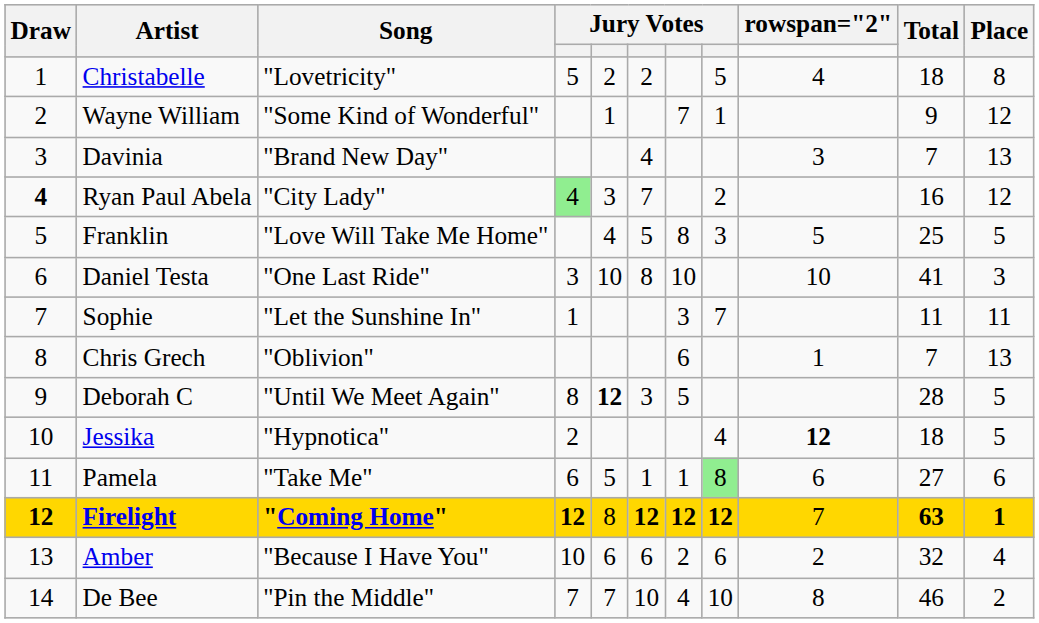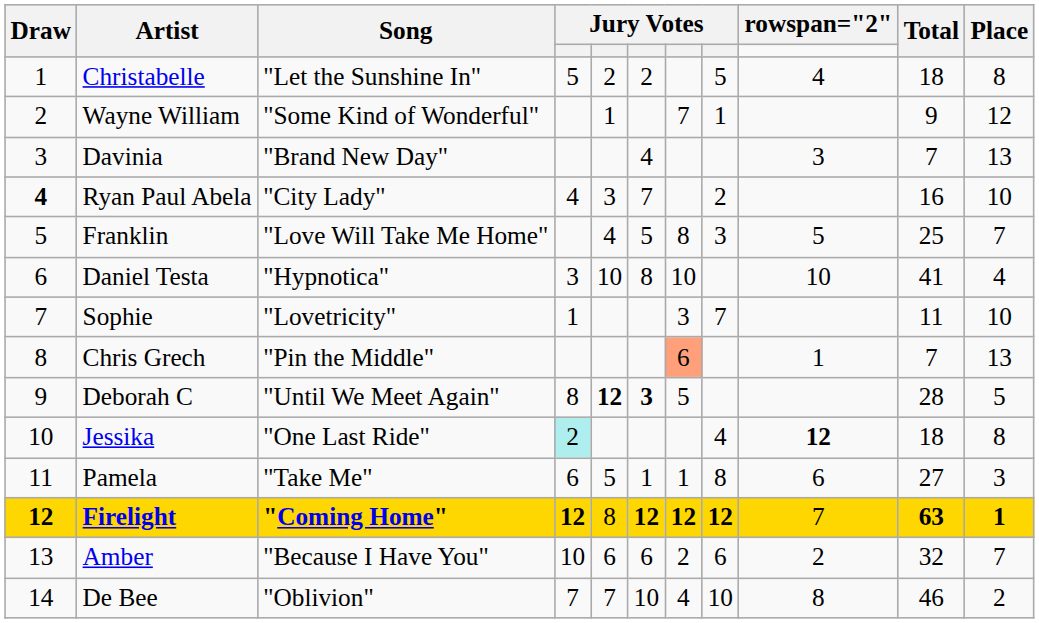 <table class="sortable wikitable" style="margin: 1em auto 1em auto; text-align:center">
 <tr>
 <th rowspan="2">Draw</th>
 <th rowspan="2">Artist</th>
 <th rowspan="2">Song</th>
 <th colspan="5">Jury Votes</th>
 <th>rowspan="2" </th>
 <th rowspan="2">Total</th>
 <th rowspan="2">Place</th>
 </tr>
 <tr>
 <th></th>
 <th></th>
 <th></th>
 <th></th>
 <th></th>
 </tr>
 <tr>
 <td>1</td>
 <td align="left"><a href='#'>Christabelle</a></td>
-<td align="left">"Lovetricity"</td>
+<td align="left">"Let the Sunshine In"</td>
 <td>5</td>
 <td>2</td>
 <td>2</td>
 <td></td>
 <td>5</td>
 <td>4</td>
 <td>18</td>
 <td>8</td>
 </tr>
 <tr>
 <td>2</td>
 <td align="left">Wayne William</td>
 <td align="left">"Some Kind of Wonderful"</td>
 <td></td>
 <td>1</td>
 <td></td>
 <td>7</td>
 <td>1</td>
 <td></td>
 <td>9</td>
 <td>12</td>
 </tr>
 <tr>
 <td>3</td>
 <td align="left">Davinia</td>
 <td align="left">"Brand New Day"</td>
 <td></td>
 <td></td>
 <td>4</td>
 <td></td>
 <td></td>
 <td>3</td>
 <td>7</td>
 <td>13</td>
 </tr>
 <tr>
 <td><strong>4</strong></td>
 <td align="left">Ryan Paul Abela</td>
 <td align="left">"City Lady"</td>
-<td style="background: lightgreen;">4</td>
+<td>4</td>
 <td>3</td>
 <td>7</td>
 <td></td>
 <td>2</td>
 <td></td>
 <td>16</td>
-<td>12</td>
+<td>10</td>
 </tr>
 <tr>
 <td>5</td>
 <td align="left">Franklin</td>
 <td align="left">"Love Will Take Me Home"</td>
 <td></td>
 <td>4</td>
 <td>5</td>
 <td>8</td>
 <td>3</td>
 <td>5</td>
 <td>25</td>
-<td>5</td>
+<td>7</td>
 </tr>
 <tr>
 <td>6</td>
 <td align="left">Daniel Testa</td>
-<td align="left">"One Last Ride"</td>
+<td align="left">"Hypnotica"</td>
 <td>3</td>
 <td>10</td>
 <td>8</td>
 <td>10</td>
 <td></td>
 <td>10</td>
 <td>41</td>
-<td>3</td>
+<td>4</td>
 </tr>
 <tr>
 <td>7</td>
 <td align="left">Sophie</td>
-<td align="left">"Let the Sunshine In"</td>
+<td align="left">"Lovetricity"</td>
 <td>1</td>
 <td></td>
 <td></td>
 <td>3</td>
 <td>7</td>
 <td></td>
 <td>11</td>
-<td>11</td>
+<td>10</td>
 </tr>
 <tr>
 <td>8</td>
 <td align="left">Chris Grech</td>
-<td align="left">"Oblivion"</td>
+<td align="left">"Pin the Middle"</td>
 <td></td>
 <td></td>
 <td></td>
-<td>6</td>
+<td style="background: lightsalmon;">6</td>
 <td></td>
 <td>1</td>
 <td>7</td>
 <td>13</td>
 </tr>
 <tr>
 <td>9</td>
 <td align="left">Deborah C</td>
 <td align="left">"Until We Meet Again"</td>
 <td>8</td>
 <td><strong>12</strong></td>
-<td>3</td>
+<td><strong>3</strong></td>
 <td>5</td>
 <td></td>
 <td></td>
 <td>28</td>
 <td>5</td>
 </tr>
 <tr>
 <td>10</td>
 <td align="left"><a href='#'>Jessika</a></td>
-<td align="left">"Hypnotica"</td>
-<td>2</td>
+<td align="left">"One Last Ride"</td>
+<td style="background: paleturquoise;">2</td>
 <td></td>
 <td></td>
 <td></td>
 <td>4</td>
 <td><strong>12</strong></td>
 <td>18</td>
-<td>5</td>
+<td>8</td>
 </tr>
 <tr>
 <td>11</td>
 <td align="left">Pamela</td>
 <td align="left">"Take Me"</td>
 <td>6</td>
 <td>5</td>
 <td>1</td>
 <td>1</td>
-<td style="background: lightgreen;">8</td>
+<td>8</td>
 <td>6</td>
 <td>27</td>
-<td>6</td>
+<td>3</td>
 </tr>
 <tr style="background:gold;">
 <td><strong>12</strong></td>
 <td align="left"><a href='#'><strong>Firelight</strong></a></td>
 <td align="left"><strong>"<a href='#'>Coming Home</a>"</strong></td>
 <td><strong>12</strong></td>
 <td>8</td>
 <td><strong>12</strong></td>
 <td><strong>12</strong></td>
 <td><strong>12</strong></td>
 <td>7</td>
 <td><strong>63</strong></td>
 <td><strong>1</strong></td>
 </tr>
 <tr>
 <td>13</td>
 <td align="left"><a href='#'>Amber</a></td>
 <td align="left">"Because I Have You"</td>
 <td>10</td>
 <td>6</td>
 <td>6</td>
 <td>2</td>
 <td>6</td>
 <td>2</td>
 <td>32</td>
-<td>4</td>
+<td>7</td>
 </tr>
 <tr>
 <td>14</td>
 <td align="left">De Bee</td>
-<td align="left">"Pin the Middle"</td>
+<td align="left">"Oblivion"</td>
 <td>7</td>
 <td>7</td>
 <td>10</td>
 <td>4</td>
 <td>10</td>
 <td>8</td>
 <td>46</td>
 <td>2</td>
 </tr>
 </table>
